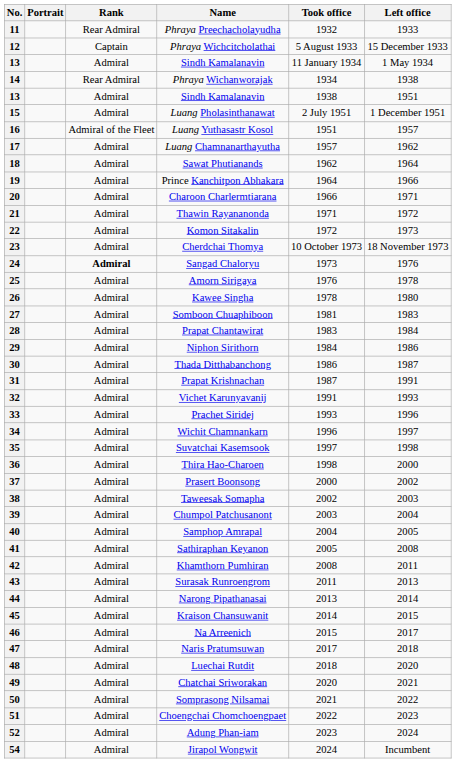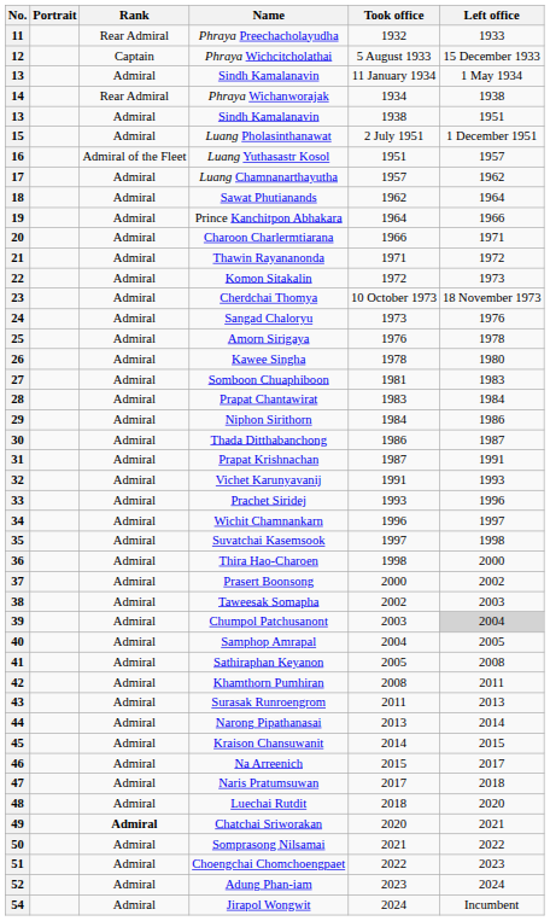 <table class="wikitable" style="text-align:center">
 <tr>
 <th>No.</th>
 <th>Portrait</th>
 <th>Rank</th>
 <th>Name</th>
 <th>Took office</th>
 <th>Left office</th>
 </tr>
 <tr>
 <th>11</th>
 <td></td>
 <td>Rear Admiral</td>
 <td><em>Phraya</em> <a href='#'>Preechacholayudha</a></td>
 <td>1932</td>
 <td>1933</td>
 </tr>
 <tr>
 <th>12</th>
 <td></td>
 <td>Captain</td>
 <td><em>Phraya</em> <a href='#'>Wichcitcholathai</a></td>
 <td>5 August 1933</td>
 <td>15 December 1933</td>
 </tr>
 <tr>
 <th>13<br></th>
 <td></td>
 <td>Admiral</td>
 <td><a href='#'>Sindh Kamalanavin</a></td>
 <td>11 January 1934</td>
 <td>1 May 1934</td>
 </tr>
 <tr>
 <th>14</th>
 <td></td>
 <td>Rear Admiral</td>
 <td><em>Phraya</em> <a href='#'>Wichanworajak</a></td>
 <td>1934</td>
 <td>1938</td>
 </tr>
 <tr>
 <th>13<br></th>
 <td></td>
 <td>Admiral</td>
 <td><a href='#'>Sindh Kamalanavin</a></td>
 <td>1938</td>
 <td>1951</td>
 </tr>
 <tr>
 <th>15</th>
 <td></td>
 <td>Admiral</td>
 <td><em>Luang</em> <a href='#'>Pholasinthanawat</a></td>
 <td>2 July 1951</td>
 <td>1 December 1951</td>
 </tr>
 <tr>
 <th>16</th>
 <td></td>
 <td>Admiral of the Fleet</td>
 <td><em>Luang</em> <a href='#'>Yuthasastr Kosol</a></td>
 <td>1951</td>
 <td>1957</td>
 </tr>
 <tr>
 <th>17</th>
 <td></td>
 <td>Admiral</td>
 <td><em>Luang</em> <a href='#'>Chamnanarthayutha</a></td>
 <td>1957</td>
 <td>1962</td>
 </tr>
 <tr>
 <th>18</th>
 <td></td>
 <td>Admiral</td>
 <td><a href='#'>Sawat Phutianands</a></td>
 <td>1962</td>
 <td>1964</td>
 </tr>
 <tr>
 <th>19</th>
 <td></td>
 <td>Admiral</td>
 <td>Prince <a href='#'>Kanchitpon Abhakara</a></td>
 <td>1964</td>
 <td>1966</td>
 </tr>
 <tr>
 <th>20</th>
 <td></td>
 <td>Admiral</td>
 <td><a href='#'>Charoon Charlermtiarana</a></td>
 <td>1966</td>
 <td>1971</td>
 </tr>
 <tr>
 <th>21</th>
 <td></td>
 <td>Admiral</td>
 <td><a href='#'>Thawin Rayananonda</a></td>
 <td>1971</td>
 <td>1972</td>
 </tr>
 <tr>
 <th>22</th>
 <td></td>
 <td>Admiral</td>
 <td><a href='#'>Komon Sitakalin</a></td>
 <td>1972</td>
 <td>1973</td>
 </tr>
 <tr>
 <th>23</th>
 <td></td>
 <td>Admiral</td>
 <td><a href='#'>Cherdchai Thomya</a></td>
 <td>10 October 1973</td>
 <td>18 November 1973</td>
 </tr>
 <tr>
 <th>24</th>
 <td></td>
-<td><strong>Admiral</strong></td>
+<td>Admiral</td>
 <td><a href='#'>Sangad Chaloryu</a></td>
 <td>1973</td>
 <td>1976</td>
 </tr>
 <tr>
 <th>25</th>
 <td></td>
 <td>Admiral</td>
 <td><a href='#'>Amorn Sirigaya</a></td>
 <td>1976</td>
 <td>1978</td>
 </tr>
 <tr>
 <th>26</th>
 <td></td>
 <td>Admiral</td>
 <td><a href='#'>Kawee Singha</a></td>
 <td>1978</td>
 <td>1980</td>
 </tr>
 <tr>
 <th>27</th>
 <td></td>
 <td>Admiral</td>
 <td><a href='#'>Somboon Chuaphiboon</a></td>
 <td>1981</td>
 <td>1983</td>
 </tr>
 <tr>
 <th>28</th>
 <td></td>
 <td>Admiral</td>
 <td><a href='#'>Prapat Chantawirat</a></td>
 <td>1983</td>
 <td>1984</td>
 </tr>
 <tr>
 <th>29</th>
 <td></td>
 <td>Admiral</td>
 <td><a href='#'>Niphon Sirithorn</a></td>
 <td>1984</td>
 <td>1986</td>
 </tr>
 <tr>
 <th>30</th>
 <td></td>
 <td>Admiral</td>
 <td><a href='#'>Thada Ditthabanchong</a></td>
 <td>1986</td>
 <td>1987</td>
 </tr>
 <tr>
 <th>31</th>
 <td></td>
 <td>Admiral</td>
 <td><a href='#'>Prapat Krishnachan</a></td>
 <td>1987</td>
 <td>1991</td>
 </tr>
 <tr>
 <th>32</th>
 <td></td>
 <td>Admiral</td>
 <td><a href='#'>Vichet Karunyavanij</a></td>
 <td>1991</td>
 <td>1993</td>
 </tr>
 <tr>
 <th>33</th>
 <td></td>
 <td>Admiral</td>
 <td><a href='#'>Prachet Siridej</a></td>
 <td>1993</td>
 <td>1996</td>
 </tr>
 <tr>
 <th>34</th>
 <td></td>
 <td>Admiral</td>
 <td><a href='#'>Wichit Chamnankarn</a></td>
 <td>1996</td>
 <td>1997</td>
 </tr>
 <tr>
 <th>35</th>
 <td></td>
 <td>Admiral</td>
 <td><a href='#'>Suvatchai Kasemsook</a></td>
 <td>1997</td>
 <td>1998</td>
 </tr>
 <tr>
 <th>36</th>
 <td></td>
 <td>Admiral</td>
 <td><a href='#'>Thira Hao-Charoen</a></td>
 <td>1998</td>
 <td>2000</td>
 </tr>
 <tr>
 <th>37</th>
 <td></td>
 <td>Admiral</td>
 <td><a href='#'>Prasert Boonsong</a></td>
 <td>2000</td>
 <td>2002</td>
 </tr>
 <tr>
 <th>38</th>
 <td></td>
 <td>Admiral</td>
 <td><a href='#'>Taweesak Somapha</a></td>
 <td>2002</td>
 <td>2003</td>
 </tr>
 <tr>
 <th>39</th>
 <td></td>
 <td>Admiral</td>
 <td><a href='#'>Chumpol Patchusanont</a></td>
 <td>2003</td>
-<td>2004</td>
+<td style="background: lightgrey;">2004</td>
 </tr>
 <tr>
 <th>40</th>
 <td></td>
 <td>Admiral</td>
 <td><a href='#'>Samphop Amrapal</a></td>
 <td>2004</td>
 <td>2005</td>
 </tr>
 <tr>
 <th>41</th>
 <td></td>
 <td>Admiral</td>
 <td><a href='#'>Sathiraphan Keyanon</a></td>
 <td>2005</td>
 <td>2008</td>
 </tr>
 <tr>
 <th>42</th>
 <td></td>
 <td>Admiral</td>
 <td><a href='#'>Khamthorn Pumhiran</a></td>
 <td>2008</td>
 <td>2011</td>
 </tr>
 <tr>
 <th>43</th>
 <td></td>
 <td>Admiral</td>
 <td><a href='#'>Surasak Runroengrom</a></td>
 <td>2011</td>
 <td>2013</td>
 </tr>
 <tr>
 <th>44</th>
 <td></td>
 <td>Admiral</td>
 <td><a href='#'>Narong Pipathanasai</a></td>
 <td>2013</td>
 <td>2014</td>
 </tr>
 <tr>
 <th>45</th>
 <td></td>
 <td>Admiral</td>
 <td><a href='#'>Kraison Chansuwanit</a></td>
 <td>2014</td>
 <td>2015</td>
 </tr>
 <tr>
 <th>46</th>
 <td></td>
 <td>Admiral</td>
 <td><a href='#'>Na Arreenich</a></td>
 <td>2015</td>
 <td>2017</td>
 </tr>
 <tr>
 <th>47</th>
 <td></td>
 <td>Admiral</td>
 <td><a href='#'>Naris Pratumsuwan</a></td>
 <td>2017</td>
 <td>2018</td>
 </tr>
 <tr>
 <th>48</th>
 <td></td>
 <td>Admiral</td>
 <td><a href='#'>Luechai Rutdit</a></td>
 <td>2018</td>
 <td>2020</td>
 </tr>
 <tr>
 <th>49</th>
 <td></td>
-<td>Admiral</td>
+<td><strong>Admiral</strong></td>
 <td><a href='#'>Chatchai Sriworakan</a></td>
 <td>2020</td>
 <td>2021</td>
 </tr>
 <tr>
 <th>50</th>
 <td></td>
 <td>Admiral</td>
 <td><a href='#'>Somprasong Nilsamai</a></td>
 <td>2021</td>
 <td>2022</td>
 </tr>
 <tr>
 <th>51</th>
 <td></td>
 <td>Admiral</td>
 <td><a href='#'>Choengchai Chomchoengpaet</a></td>
 <td>2022</td>
 <td>2023</td>
 </tr>
 <tr>
 <th>52</th>
 <td></td>
 <td>Admiral</td>
 <td><a href='#'>Adung Phan-iam</a></td>
 <td>2023</td>
 <td>2024</td>
 </tr>
 <tr>
 <th>54</th>
 <td></td>
 <td>Admiral</td>
 <td><a href='#'>Jirapol Wongwit</a></td>
 <td>2024</td>
 <td>Incumbent</td>
 </tr>
 </table>
